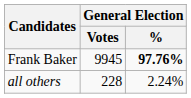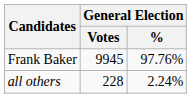 <table class=wikitable>
 <tr>
 <th colspan=1 rowspan=2><strong>Candidates</strong></th>
 <th colspan=2><strong>General Election</strong></th>
 </tr>
 <tr>
 <th>Votes</th>
 <th>%</th>
 </tr>
 <tr>
 <td>Frank Baker</td>
 <td align="right">9945</td>
-<td align="right"><strong>97.76%</strong></td>
+<td align="right">97.76%</td>
 </tr>
 <tr>
 <td><em>all others</em></td>
 <td align="right">228</td>
 <td align="right">2.24%</td>
 </tr>
 </table>
